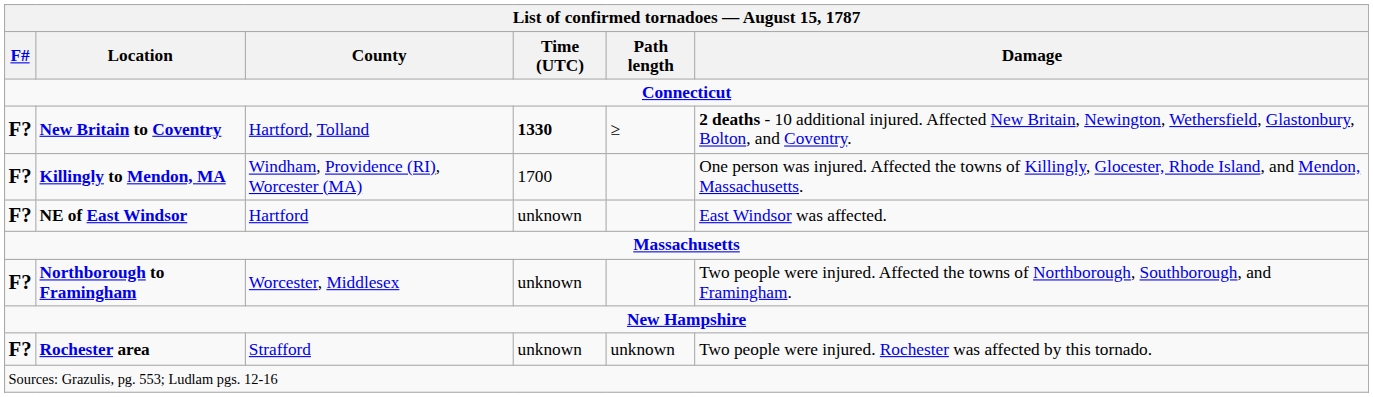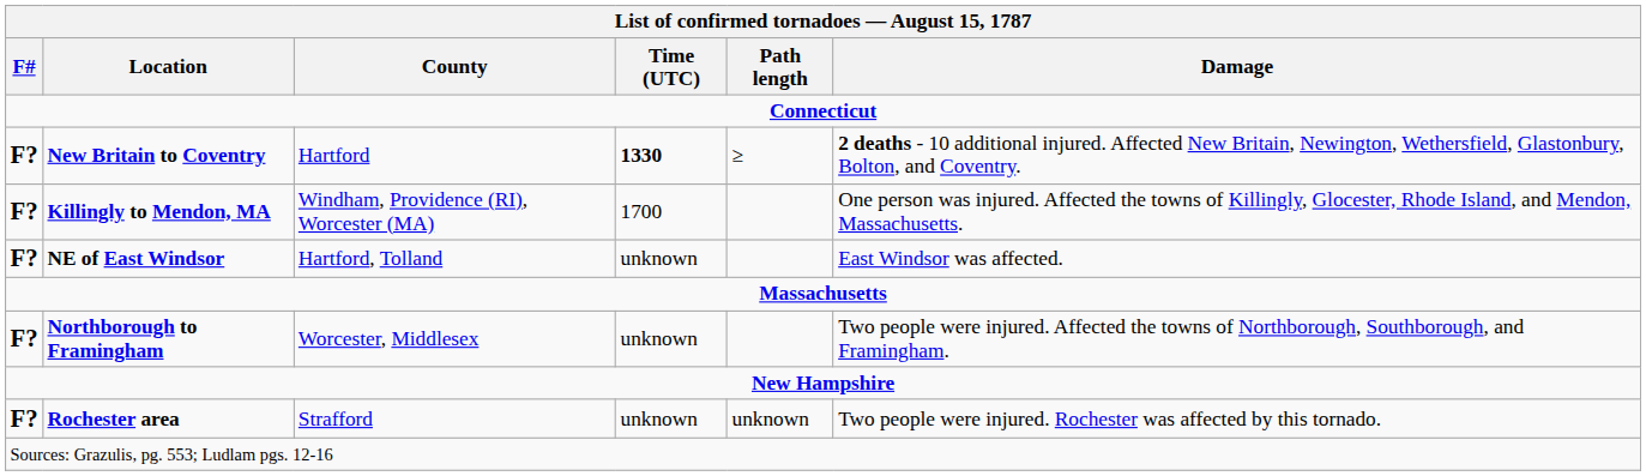 <table class="wikitable collapsible" width="100%">
 <tr>
 <th colspan="6">List of confirmed tornadoes — August 15, 1787</th>
 </tr>
 <tr>
 <th><a href='#'>F#</a></th>
 <th>Location</th>
 <th>County</th>
 <th>Time (UTC)</th>
 <th>Path length</th>
 <th>Damage</th>
 </tr>
 <tr>
 <td colspan="7" align=center><strong><a href='#'>Connecticut</a></strong></td>
 </tr>
 <tr>
 <td><big><strong>F?</strong></big></td>
 <td><strong><a href='#'>New Britain</a> to <a href='#'>Coventry</a></strong></td>
-<td><a href='#'>Hartford</a>, <a href='#'>Tolland</a></td>
+<td><a href='#'>Hartford</a></td>
 <td><strong>1330</strong></td>
 <td>≥</td>
 <td><strong>2 deaths</strong> - 10 additional injured. Affected <a href='#'>New Britain</a>, <a href='#'>Newington</a>, <a href='#'>Wethersfield</a>, <a href='#'>Glastonbury</a>, <a href='#'>Bolton</a>, and <a href='#'>Coventry</a>.</td>
 </tr>
 <tr>
 <td><big><strong>F?</strong></big></td>
 <td><strong><a href='#'>Killingly</a> to <a href='#'>Mendon, MA</a></strong></td>
 <td><a href='#'>Windham</a>, <a href='#'>Providence (RI)</a>, <a href='#'>Worcester (MA)</a></td>
 <td>1700</td>
 <td></td>
 <td>One person was injured. Affected the towns of <a href='#'>Killingly</a>, <a href='#'>Glocester, Rhode Island</a>, and <a href='#'>Mendon, Massachusetts</a>.</td>
 </tr>
 <tr>
 <td><big><strong>F?</strong></big></td>
 <td><strong>NE of <a href='#'>East Windsor</a></strong></td>
-<td><a href='#'>Hartford</a></td>
+<td><a href='#'>Hartford</a>, <a href='#'>Tolland</a></td>
 <td>unknown</td>
 <td></td>
 <td><a href='#'>East Windsor</a> was affected.</td>
 </tr>
 <tr>
 <td colspan="7" align=center><strong><a href='#'>Massachusetts</a></strong></td>
 </tr>
 <tr>
 <td><big><strong>F?</strong></big></td>
 <td><strong><a href='#'>Northborough</a> to <a href='#'>Framingham</a></strong></td>
 <td><a href='#'>Worcester</a>, <a href='#'>Middlesex</a></td>
 <td>unknown</td>
 <td></td>
 <td>Two people were injured. Affected the towns of <a href='#'>Northborough</a>, <a href='#'>Southborough</a>, and <a href='#'>Framingham</a>.</td>
 </tr>
 <tr>
 <td colspan="7" align=center><strong><a href='#'>New Hampshire</a></strong></td>
 </tr>
 <tr>
 <td><big><strong>F?</strong></big></td>
 <td><strong><a href='#'>Rochester</a> area</strong></td>
 <td><a href='#'>Strafford</a></td>
 <td>unknown</td>
 <td>unknown</td>
 <td>Two people were injured. <a href='#'>Rochester</a> was affected by this tornado.</td>
 </tr>
 <tr>
 <td colspan="7"><small>Sources: Grazulis, pg. 553; Ludlam pgs. 12-16</small></td>
 </tr>
 </table>
